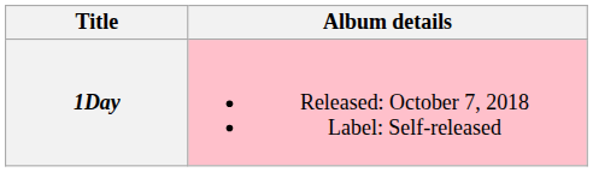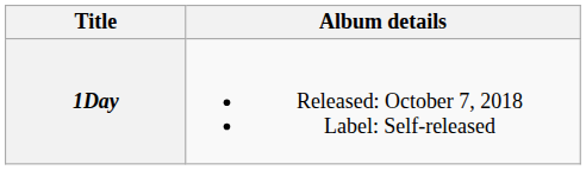 <table class="wikitable plainrowheaders" style="text-align:center;">
 <tr>
 <th rowspan="1.5" scope="col" style="width:8em;">Title</th>
 <th rowspan="1.5" scope="col" style="width:18em;">Album details</th>
 </tr>
 <tr>
 <th scope="row"><em>1Day</em><br></th>
-<td style="background: pink;"><br><ul><li>Released: October 7, 2018</li><li>Label: Self-released</li></ul></td>
+<td><br><ul><li>Released: October 7, 2018</li><li>Label: Self-released</li></ul></td>
 </tr>
 </table>
